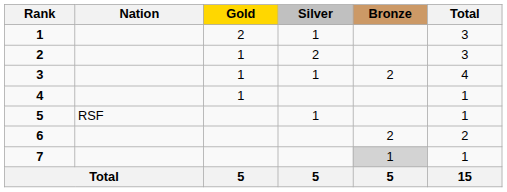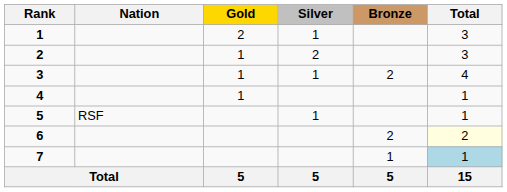 <table class="wikitable collapsible autocollapse plainrowheaders" width=70.5% style="text-align:center;">
 <tr style="background-color:#EDEDED;">
 <th width=100px class="hintergrundfarbe5">Rank</th>
 <th width=200px class="hintergrundfarbe6">Nation</th>
 <th style="background:    gold; width:15%">Gold</th>
 <th style="background:  silver; width:15%">Silver</th>
 <th style="background: #CC9966; width:15%">Bronze</th>
 <th class="hintergrundfarbe6" style="width:15%">Total</th>
 </tr>
 <tr>
 <td><strong>1</strong></td>
 <td align=left></td>
 <td>2</td>
 <td>1</td>
 <td></td>
 <td>3</td>
 </tr>
 <tr>
 <td><strong>2</strong></td>
 <td align=left></td>
 <td>1</td>
 <td>2</td>
 <td></td>
 <td>3</td>
 </tr>
 <tr>
 <td><strong>3</strong></td>
 <td align=left></td>
 <td>1</td>
 <td>1</td>
 <td>2</td>
 <td>4</td>
 </tr>
 <tr>
 <td><strong>4</strong></td>
 <td align=left></td>
 <td>1</td>
 <td></td>
 <td></td>
 <td>1</td>
 </tr>
 <tr>
 <td><strong>5</strong></td>
 <td align=left>RSF</td>
 <td></td>
 <td>1</td>
 <td></td>
 <td>1</td>
 </tr>
 <tr>
 <td><strong>6</strong></td>
 <td align=left></td>
 <td></td>
 <td></td>
 <td>2</td>
-<td>2</td>
+<td style="background: lightyellow;">2</td>
 </tr>
 <tr>
 <td><strong>7</strong></td>
 <td align=left></td>
 <td></td>
 <td></td>
-<td style="background: lightgrey;">1</td>
 <td>1</td>
+<td style="background: lightblue;">1</td>
 </tr>
 <tr>
 <th colspan=2>Total</th>
 <th>5</th>
 <th>5</th>
 <th>5</th>
 <th>15</th>
 </tr>
 </table>
